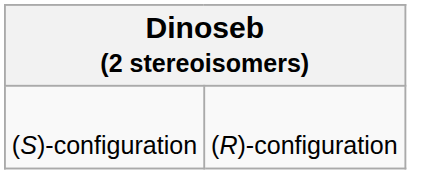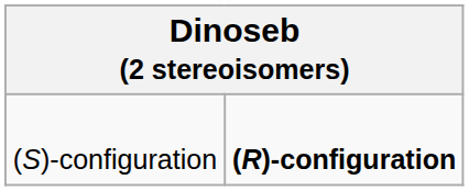 <table class="wikitable" style="text-align:center">
 <tr class="hintergrundfarbe6">
 <th colspan="2">Dinoseb<br><small>(2 stereoisomers)</small></th>
 </tr>
 <tr>
 <td><br><small>(<em>S</em>)-configuration</small></td>
-<td><br><small>(<em>R</em>)-configuration</small></td>
+<td><strong><br><small>(<em>R</em>)-configuration</small></strong></td>
 </tr>
 </table>
